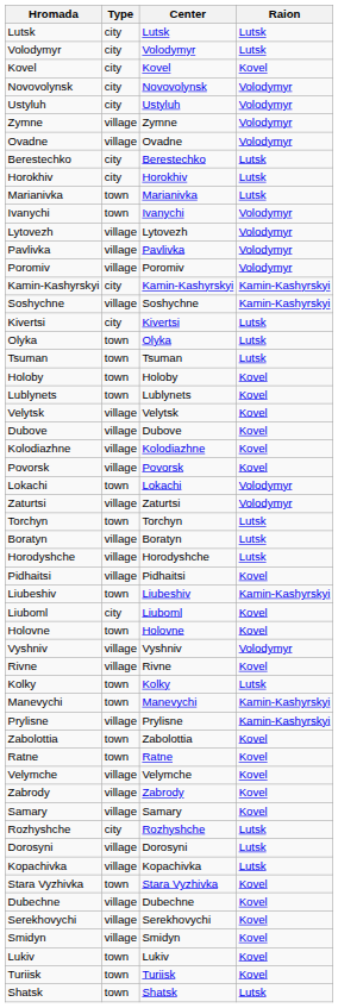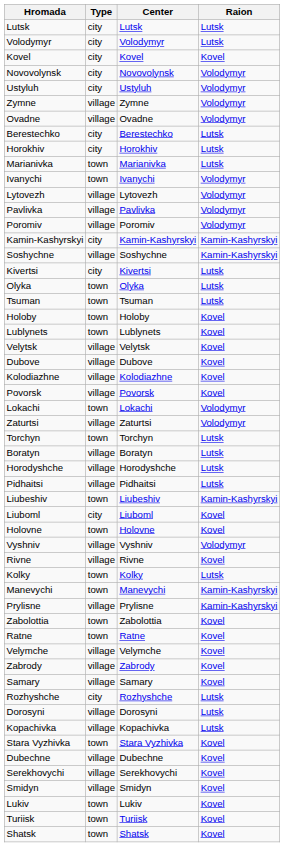 <table class='wikitable sortable'>
 <tr>
 <th>Hromada</th>
 <th>Type</th>
 <th>Center</th>
 <th>Raion</th>
 </tr>
 <tr>
 <td>Lutsk</td>
 <td>city</td>
 <td><a href='#'>Lutsk</a></td>
 <td><a href='#'>Lutsk</a></td>
 </tr>
 <tr>
 <td>Volodymyr</td>
 <td>city</td>
 <td><a href='#'>Volodymyr</a></td>
 <td><a href='#'>Lutsk</a></td>
 </tr>
 <tr>
 <td>Kovel</td>
 <td>city</td>
 <td><a href='#'>Kovel</a></td>
 <td><a href='#'>Kovel</a></td>
 </tr>
 <tr>
 <td>Novovolynsk</td>
 <td>city</td>
 <td><a href='#'>Novovolynsk</a></td>
 <td><a href='#'>Volodymyr</a></td>
 </tr>
 <tr>
 <td>Ustyluh</td>
 <td>city</td>
 <td><a href='#'>Ustyluh</a></td>
 <td><a href='#'>Volodymyr</a></td>
 </tr>
 <tr>
 <td>Zymne</td>
 <td>village</td>
 <td>Zymne</td>
 <td><a href='#'>Volodymyr</a></td>
 </tr>
 <tr>
 <td>Ovadne</td>
 <td>village</td>
 <td>Ovadne</td>
 <td><a href='#'>Volodymyr</a></td>
 </tr>
 <tr>
 <td>Berestechko</td>
 <td>city</td>
 <td><a href='#'>Berestechko</a></td>
 <td><a href='#'>Lutsk</a></td>
 </tr>
 <tr>
 <td>Horokhiv</td>
 <td>city</td>
 <td><a href='#'>Horokhiv</a></td>
 <td><a href='#'>Lutsk</a></td>
 </tr>
 <tr>
 <td>Marianivka</td>
 <td>town</td>
 <td><a href='#'>Marianivka</a></td>
 <td><a href='#'>Lutsk</a></td>
 </tr>
 <tr>
 <td>Ivanychi</td>
 <td>town</td>
 <td><a href='#'>Ivanychi</a></td>
 <td><a href='#'>Volodymyr</a></td>
 </tr>
 <tr>
 <td>Lytovezh</td>
 <td>village</td>
 <td>Lytovezh</td>
 <td><a href='#'>Volodymyr</a></td>
 </tr>
 <tr>
 <td>Pavlivka</td>
 <td>village</td>
 <td><a href='#'>Pavlivka</a></td>
 <td><a href='#'>Volodymyr</a></td>
 </tr>
 <tr>
 <td>Poromiv</td>
 <td>village</td>
 <td>Poromiv</td>
 <td><a href='#'>Volodymyr</a></td>
 </tr>
 <tr>
 <td>Kamin-Kashyrskyi</td>
 <td>city</td>
 <td><a href='#'>Kamin-Kashyrskyi</a></td>
 <td><a href='#'>Kamin-Kashyrskyi</a></td>
 </tr>
 <tr>
 <td>Soshychne</td>
 <td>village</td>
 <td>Soshychne</td>
 <td><a href='#'>Kamin-Kashyrskyi</a></td>
 </tr>
 <tr>
 <td>Kivertsi</td>
 <td>city</td>
 <td><a href='#'>Kivertsi</a></td>
 <td><a href='#'>Lutsk</a></td>
 </tr>
 <tr>
 <td>Olyka</td>
 <td>town</td>
 <td><a href='#'>Olyka</a></td>
 <td><a href='#'>Lutsk</a></td>
 </tr>
 <tr>
 <td>Tsuman</td>
 <td>town</td>
 <td>Tsuman</td>
 <td><a href='#'>Lutsk</a></td>
 </tr>
 <tr>
 <td>Holoby</td>
 <td>town</td>
 <td>Holoby</td>
 <td><a href='#'>Kovel</a></td>
 </tr>
 <tr>
 <td>Lublynets</td>
 <td>town</td>
 <td>Lublynets</td>
 <td><a href='#'>Kovel</a></td>
 </tr>
 <tr>
 <td>Velytsk</td>
 <td>village</td>
 <td>Velytsk</td>
 <td><a href='#'>Kovel</a></td>
 </tr>
 <tr>
 <td>Dubove</td>
 <td>village</td>
 <td>Dubove</td>
 <td><a href='#'>Kovel</a></td>
 </tr>
 <tr>
 <td>Kolodiazhne</td>
 <td>village</td>
 <td><a href='#'>Kolodiazhne</a></td>
 <td><a href='#'>Kovel</a></td>
 </tr>
 <tr>
 <td>Povorsk</td>
 <td>village</td>
 <td><a href='#'>Povorsk</a></td>
 <td><a href='#'>Kovel</a></td>
 </tr>
 <tr>
 <td>Lokachi</td>
 <td>town</td>
 <td><a href='#'>Lokachi</a></td>
 <td><a href='#'>Volodymyr</a></td>
 </tr>
 <tr>
 <td>Zaturtsi</td>
 <td>village</td>
 <td>Zaturtsi</td>
 <td><a href='#'>Volodymyr</a></td>
 </tr>
 <tr>
 <td>Torchyn</td>
 <td>town</td>
 <td>Torchyn</td>
 <td><a href='#'>Lutsk</a></td>
 </tr>
 <tr>
 <td>Boratyn</td>
 <td>village</td>
 <td>Boratyn</td>
 <td><a href='#'>Lutsk</a></td>
 </tr>
 <tr>
 <td>Horodyshche</td>
 <td>village</td>
 <td>Horodyshche</td>
 <td><a href='#'>Lutsk</a></td>
 </tr>
 <tr>
 <td>Pidhaitsi</td>
 <td>village</td>
 <td>Pidhaitsi</td>
-<td><a href='#'>Kovel</a></td>
+<td><a href='#'>Lutsk</a></td>
 </tr>
 <tr>
 <td>Liubeshiv</td>
 <td>town</td>
 <td><a href='#'>Liubeshiv</a></td>
 <td><a href='#'>Kamin-Kashyrskyi</a></td>
 </tr>
 <tr>
 <td>Liuboml</td>
 <td>city</td>
 <td><a href='#'>Liuboml</a></td>
 <td><a href='#'>Kovel</a></td>
 </tr>
 <tr>
 <td>Holovne</td>
 <td>town</td>
 <td><a href='#'>Holovne</a></td>
 <td><a href='#'>Kovel</a></td>
 </tr>
 <tr>
 <td>Vyshniv</td>
 <td>village</td>
 <td>Vyshniv</td>
 <td><a href='#'>Volodymyr</a></td>
 </tr>
 <tr>
 <td>Rivne</td>
 <td>village</td>
 <td>Rivne</td>
 <td><a href='#'>Kovel</a></td>
 </tr>
 <tr>
 <td>Kolky</td>
 <td>town</td>
 <td><a href='#'>Kolky</a></td>
 <td><a href='#'>Lutsk</a></td>
 </tr>
 <tr>
 <td>Manevychi</td>
 <td>town</td>
 <td><a href='#'>Manevychi</a></td>
 <td><a href='#'>Kamin-Kashyrskyi</a></td>
 </tr>
 <tr>
 <td>Prylisne</td>
 <td>village</td>
 <td>Prylisne</td>
 <td><a href='#'>Kamin-Kashyrskyi</a></td>
 </tr>
 <tr>
 <td>Zabolottia</td>
 <td>town</td>
 <td>Zabolottia</td>
 <td><a href='#'>Kovel</a></td>
 </tr>
 <tr>
 <td>Ratne</td>
 <td>town</td>
 <td><a href='#'>Ratne</a></td>
 <td><a href='#'>Kovel</a></td>
 </tr>
 <tr>
 <td>Velymche</td>
 <td>village</td>
 <td>Velymche</td>
 <td><a href='#'>Kovel</a></td>
 </tr>
 <tr>
 <td>Zabrody</td>
 <td>village</td>
 <td><a href='#'>Zabrody</a></td>
 <td><a href='#'>Kovel</a></td>
 </tr>
 <tr>
 <td>Samary</td>
 <td>village</td>
 <td>Samary</td>
 <td><a href='#'>Kovel</a></td>
 </tr>
 <tr>
 <td>Rozhyshche</td>
 <td>city</td>
 <td><a href='#'>Rozhyshche</a></td>
 <td><a href='#'>Lutsk</a></td>
 </tr>
 <tr>
 <td>Dorosyni</td>
 <td>village</td>
 <td>Dorosyni</td>
 <td><a href='#'>Lutsk</a></td>
 </tr>
 <tr>
 <td>Kopachivka</td>
 <td>village</td>
 <td>Kopachivka</td>
 <td><a href='#'>Lutsk</a></td>
 </tr>
 <tr>
 <td>Stara Vyzhivka</td>
 <td>town</td>
 <td><a href='#'>Stara Vyzhivka</a></td>
 <td><a href='#'>Kovel</a></td>
 </tr>
 <tr>
 <td>Dubechne</td>
 <td>village</td>
 <td>Dubechne</td>
 <td><a href='#'>Kovel</a></td>
 </tr>
 <tr>
 <td>Serekhovychi</td>
 <td>village</td>
 <td>Serekhovychi</td>
 <td><a href='#'>Kovel</a></td>
 </tr>
 <tr>
 <td>Smidyn</td>
 <td>village</td>
 <td>Smidyn</td>
 <td><a href='#'>Kovel</a></td>
 </tr>
 <tr>
 <td>Lukiv</td>
 <td>town</td>
 <td>Lukiv</td>
 <td><a href='#'>Kovel</a></td>
 </tr>
 <tr>
 <td>Turiisk</td>
 <td>town</td>
 <td><a href='#'>Turiisk</a></td>
 <td><a href='#'>Kovel</a></td>
 </tr>
 <tr>
 <td>Shatsk</td>
 <td>town</td>
 <td><a href='#'>Shatsk</a></td>
-<td><a href='#'>Lutsk</a></td>
+<td><a href='#'>Kovel</a></td>
 </tr>
 </table>
